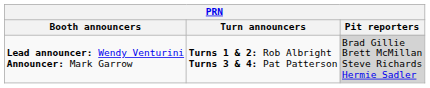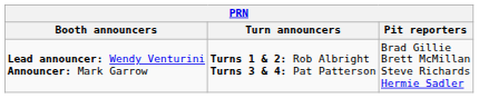 <table class="wikitable" style="font-size: 95%;">
 <tr>
 <th colspan="3"><a href='#'>PRN</a></th>
 </tr>
 <tr>
 <th>Booth announcers</th>
 <th>Turn announcers</th>
 <th>Pit reporters</th>
 </tr>
 <tr>
 <td><strong>Lead announcer:</strong> <a href='#'>Wendy Venturini</a><br><strong>Announcer:</strong> Mark Garrow</td>
 <td><strong>Turns 1 & 2:</strong> Rob Albright<br><strong>Turns 3 & 4:</strong> Pat Patterson</td>
-<td style="background: lightgrey;">Brad Gillie<br>Brett McMillan<br>Steve Richards<br><a href='#'>Hermie Sadler</a></td>
+<td>Brad Gillie<br>Brett McMillan<br>Steve Richards<br><a href='#'>Hermie Sadler</a></td>
 </tr>
 </table>
